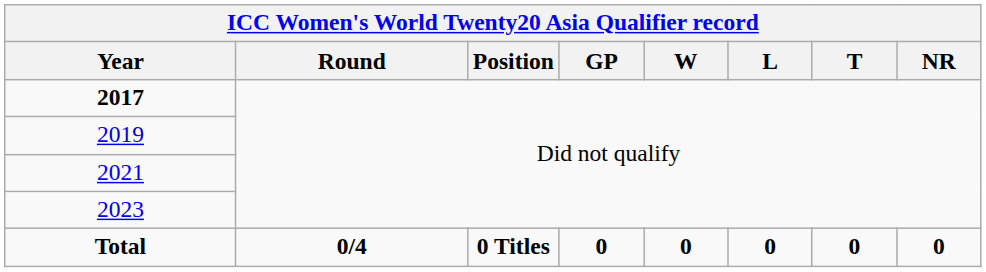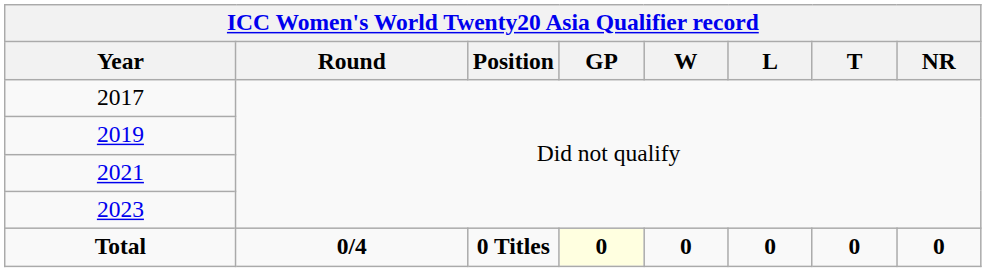 <table class="wikitable" style="text-align: center;">
 <tr>
 <th colspan=8><a href='#'>ICC Women's World Twenty20 Asia Qualifier record</a></th>
 </tr>
 <tr>
 <th width=150>Year</th>
 <th width=150>Round</th>
 <th width=50>Position</th>
 <th width=50>GP</th>
 <th width=50>W</th>
 <th width=50>L</th>
 <th width=50>T</th>
 <th width=50>NR</th>
 </tr>
 <tr>
-<td><strong> 2017</strong></td>
+<td> 2017</td>
 <td colspan=7  rowspan=4>Did not qualify</td>
 </tr>
 <tr>
 <td> <a href='#'>2019</a></td>
 </tr>
 <tr>
 <td> <a href='#'>2021</a></td>
 </tr>
 <tr>
 <td> <a href='#'>2023</a></td>
 </tr>
 <tr>
 <td><strong>Total</strong></td>
 <td><strong>0/4</strong></td>
 <td><strong>0 Titles</strong></td>
-<td><strong>0</strong></td>
+<td style="background: lightyellow;"><strong>0</strong></td>
 <td><strong>0</strong></td>
 <td><strong>0</strong></td>
 <td><strong>0</strong></td>
 <td><strong>0</strong></td>
 </tr>
 </table>
